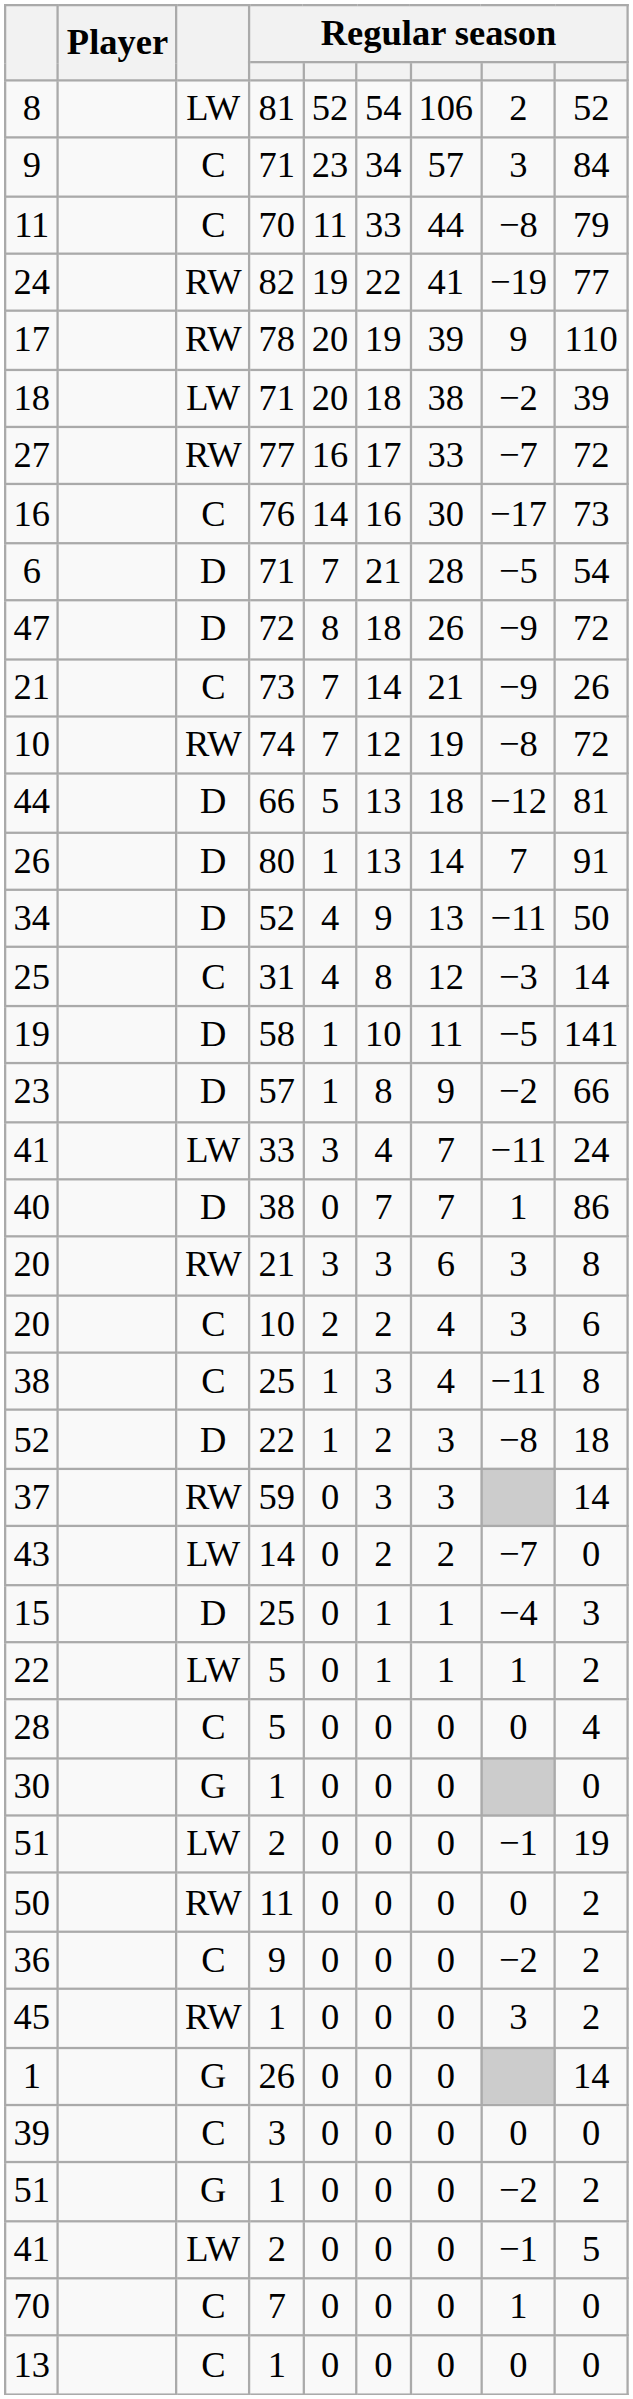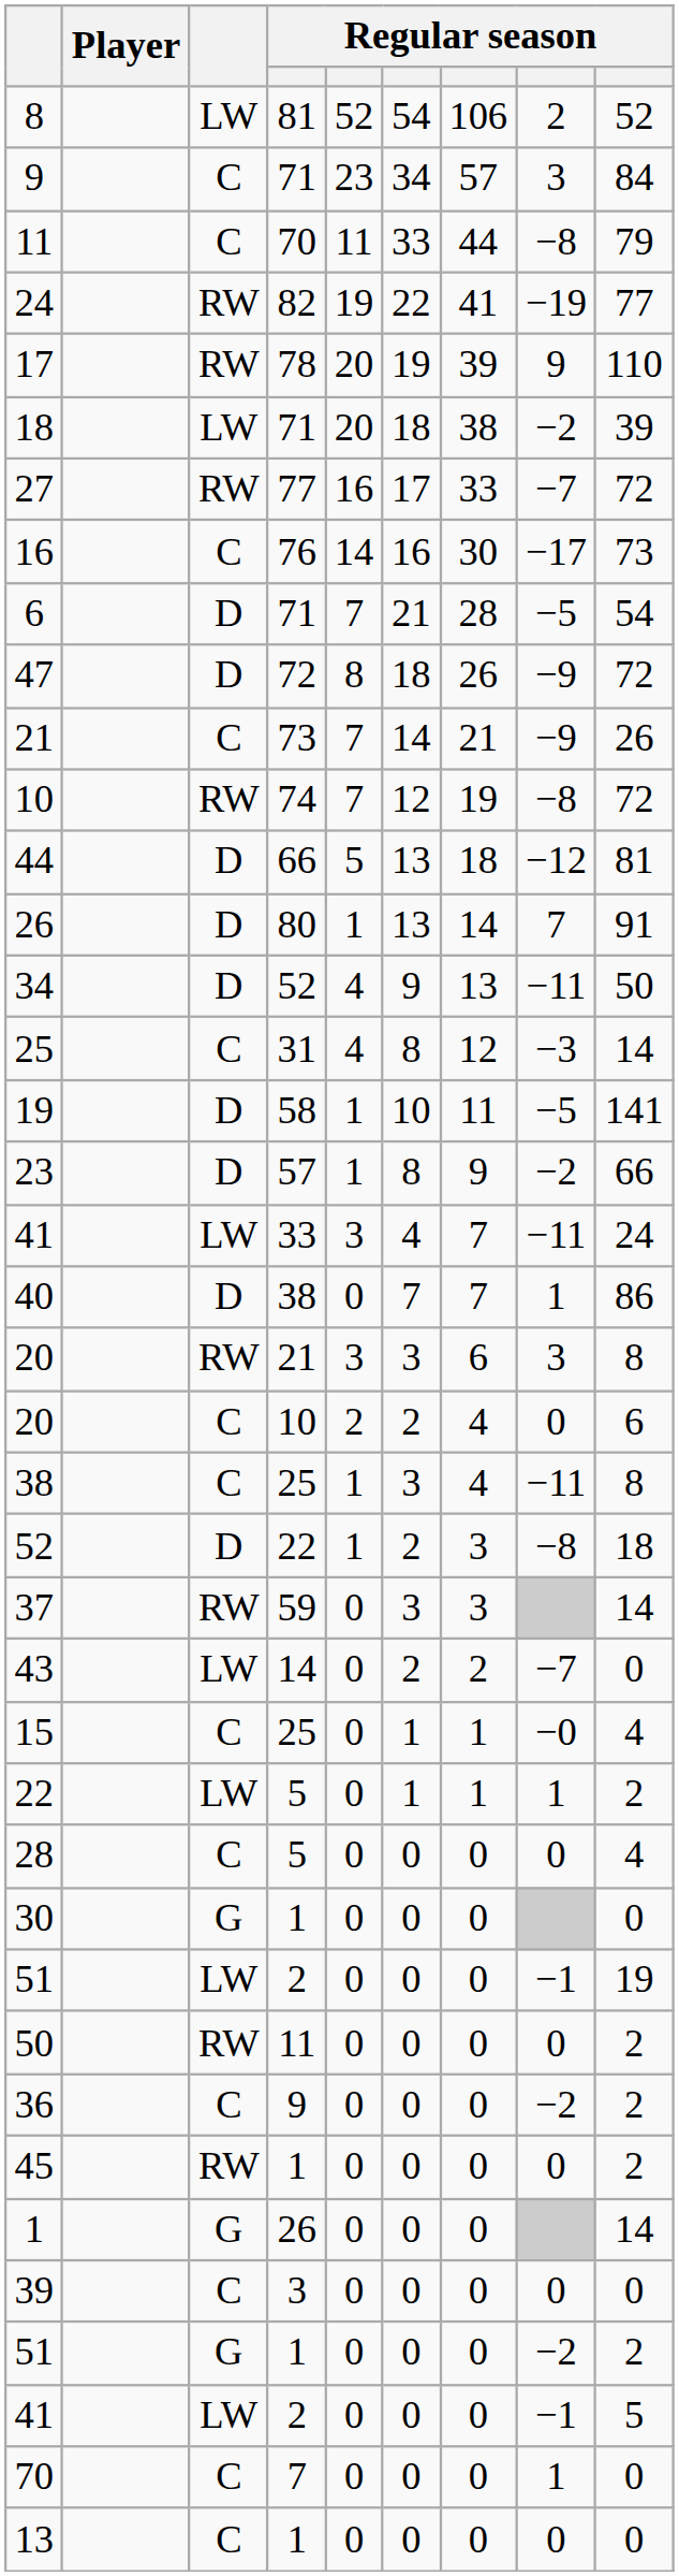 <table class="wikitable sortable plainrowheaders" style="text-align:center;">
 <tr>
 <th scope="col" data-sort-type="number" rowspan="2"></th>
 <th scope="col" rowspan="2">Player</th>
 <th scope="col" rowspan="2"></th>
 <th scope=colgroup colspan=6>Regular season</th>
 </tr>
 <tr>
 <th scope="col" data-sort-type="number"></th>
 <th scope="col" data-sort-type="number"></th>
 <th scope="col" data-sort-type="number"></th>
 <th scope="col" data-sort-type="number"></th>
 <th scope="col" data-sort-type="number"></th>
 <th scope="col" data-sort-type="number"></th>
 </tr>
 <tr>
 <td scope="row">8</td>
 <td align="left"></td>
 <td>LW</td>
 <td>81</td>
 <td>52</td>
 <td>54</td>
 <td>106</td>
 <td>2</td>
 <td>52</td>
 </tr>
 <tr>
 <td scope="row">9</td>
 <td align="left"></td>
 <td>C</td>
 <td>71</td>
 <td>23</td>
 <td>34</td>
 <td>57</td>
 <td>3</td>
 <td>84</td>
 </tr>
 <tr>
 <td scope="row">11</td>
 <td align="left"></td>
 <td>C</td>
 <td>70</td>
 <td>11</td>
 <td>33</td>
 <td>44</td>
 <td>−8</td>
 <td>79</td>
 </tr>
 <tr>
 <td scope="row">24</td>
 <td align="left"></td>
 <td>RW</td>
 <td>82</td>
 <td>19</td>
 <td>22</td>
 <td>41</td>
 <td>−19</td>
 <td>77</td>
 </tr>
 <tr>
 <td scope="row">17</td>
 <td align="left"></td>
 <td>RW</td>
 <td>78</td>
 <td>20</td>
 <td>19</td>
 <td>39</td>
 <td>9</td>
 <td>110</td>
 </tr>
 <tr>
 <td scope="row">18</td>
 <td align="left"></td>
 <td>LW</td>
 <td>71</td>
 <td>20</td>
 <td>18</td>
 <td>38</td>
 <td>−2</td>
 <td>39</td>
 </tr>
 <tr>
 <td scope="row">27</td>
 <td align="left"></td>
 <td>RW</td>
 <td>77</td>
 <td>16</td>
 <td>17</td>
 <td>33</td>
 <td>−7</td>
 <td>72</td>
 </tr>
 <tr>
 <td scope="row">16</td>
 <td align="left"></td>
 <td>C</td>
 <td>76</td>
 <td>14</td>
 <td>16</td>
 <td>30</td>
 <td>−17</td>
 <td>73</td>
 </tr>
 <tr>
 <td scope="row">6</td>
 <td align="left"></td>
 <td>D</td>
 <td>71</td>
 <td>7</td>
 <td>21</td>
 <td>28</td>
 <td>−5</td>
 <td>54</td>
 </tr>
 <tr>
 <td scope="row">47</td>
 <td align="left"></td>
 <td>D</td>
 <td>72</td>
 <td>8</td>
 <td>18</td>
 <td>26</td>
 <td>−9</td>
 <td>72</td>
 </tr>
 <tr>
 <td scope="row">21</td>
 <td align="left"></td>
 <td>C</td>
 <td>73</td>
 <td>7</td>
 <td>14</td>
 <td>21</td>
 <td>−9</td>
 <td>26</td>
 </tr>
 <tr>
 <td scope="row">10</td>
 <td align="left"></td>
 <td>RW</td>
 <td>74</td>
 <td>7</td>
 <td>12</td>
 <td>19</td>
 <td>−8</td>
 <td>72</td>
 </tr>
 <tr>
 <td scope="row">44</td>
 <td align="left"></td>
 <td>D</td>
 <td>66</td>
 <td>5</td>
 <td>13</td>
 <td>18</td>
 <td>−12</td>
 <td>81</td>
 </tr>
 <tr>
 <td scope="row">26</td>
 <td align="left"></td>
 <td>D</td>
 <td>80</td>
 <td>1</td>
 <td>13</td>
 <td>14</td>
 <td>7</td>
 <td>91</td>
 </tr>
 <tr>
 <td scope="row">34</td>
 <td align="left"></td>
 <td>D</td>
 <td>52</td>
 <td>4</td>
 <td>9</td>
 <td>13</td>
 <td>−11</td>
 <td>50</td>
 </tr>
 <tr>
 <td scope="row">25</td>
 <td align="left"></td>
 <td>C</td>
 <td>31</td>
 <td>4</td>
 <td>8</td>
 <td>12</td>
 <td>−3</td>
 <td>14</td>
 </tr>
 <tr>
 <td scope="row">19</td>
 <td align="left"></td>
 <td>D</td>
 <td>58</td>
 <td>1</td>
 <td>10</td>
 <td>11</td>
 <td>−5</td>
 <td>141</td>
 </tr>
 <tr>
 <td scope="row">23</td>
 <td align="left"></td>
 <td>D</td>
 <td>57</td>
 <td>1</td>
 <td>8</td>
 <td>9</td>
 <td>−2</td>
 <td>66</td>
 </tr>
 <tr>
 <td scope="row">41</td>
 <td align="left"></td>
 <td>LW</td>
 <td>33</td>
 <td>3</td>
 <td>4</td>
 <td>7</td>
 <td>−11</td>
 <td>24</td>
 </tr>
 <tr>
 <td scope="row">40</td>
 <td align="left"></td>
 <td>D</td>
 <td>38</td>
 <td>0</td>
 <td>7</td>
 <td>7</td>
 <td>1</td>
 <td>86</td>
 </tr>
 <tr>
 <td scope="row">20</td>
 <td align="left"></td>
 <td>RW</td>
 <td>21</td>
 <td>3</td>
 <td>3</td>
 <td>6</td>
 <td>3</td>
 <td>8</td>
 </tr>
 <tr>
 <td scope="row">20</td>
 <td align="left"></td>
 <td>C</td>
 <td>10</td>
 <td>2</td>
 <td>2</td>
 <td>4</td>
-<td>3</td>
+<td>0</td>
 <td>6</td>
 </tr>
 <tr>
 <td scope="row">38</td>
 <td align="left"></td>
 <td>C</td>
 <td>25</td>
 <td>1</td>
 <td>3</td>
 <td>4</td>
 <td>−11</td>
 <td>8</td>
 </tr>
 <tr>
 <td scope="row">52</td>
 <td align="left"></td>
 <td>D</td>
 <td>22</td>
 <td>1</td>
 <td>2</td>
 <td>3</td>
 <td>−8</td>
 <td>18</td>
 </tr>
 <tr>
 <td scope="row">37</td>
 <td align="left"></td>
 <td>RW</td>
 <td>59</td>
 <td>0</td>
 <td>3</td>
 <td>3</td>
 <td style="background:#ccc"></td>
 <td>14</td>
 </tr>
 <tr>
 <td scope="row">43</td>
 <td align="left"></td>
 <td>LW</td>
 <td>14</td>
 <td>0</td>
 <td>2</td>
 <td>2</td>
 <td>−7</td>
 <td>0</td>
 </tr>
 <tr>
 <td scope="row">15</td>
 <td align="left"></td>
-<td>D</td>
+<td>C</td>
 <td>25</td>
 <td>0</td>
 <td>1</td>
 <td>1</td>
-<td>−4</td>
-<td>3</td>
+<td>−0</td>
+<td>4</td>
 </tr>
 <tr>
 <td scope="row">22</td>
 <td align="left"></td>
 <td>LW</td>
 <td>5</td>
 <td>0</td>
 <td>1</td>
 <td>1</td>
 <td>1</td>
 <td>2</td>
 </tr>
 <tr>
 <td scope="row">28</td>
 <td align="left"></td>
 <td>C</td>
 <td>5</td>
 <td>0</td>
 <td>0</td>
 <td>0</td>
 <td>0</td>
 <td>4</td>
 </tr>
 <tr>
 <td scope="row">30</td>
 <td align="left"></td>
 <td>G</td>
 <td>1</td>
 <td>0</td>
 <td>0</td>
 <td>0</td>
 <td style="background:#ccc"></td>
 <td>0</td>
 </tr>
 <tr>
 <td scope="row">51</td>
 <td align="left"></td>
 <td>LW</td>
 <td>2</td>
 <td>0</td>
 <td>0</td>
 <td>0</td>
 <td>−1</td>
 <td>19</td>
 </tr>
 <tr>
 <td scope="row">50</td>
 <td align="left"></td>
 <td>RW</td>
 <td>11</td>
 <td>0</td>
 <td>0</td>
 <td>0</td>
 <td>0</td>
 <td>2</td>
 </tr>
 <tr>
 <td scope="row">36</td>
 <td align="left"></td>
 <td>C</td>
 <td>9</td>
 <td>0</td>
 <td>0</td>
 <td>0</td>
 <td>−2</td>
 <td>2</td>
 </tr>
 <tr>
 <td scope="row">45</td>
 <td align="left"></td>
 <td>RW</td>
 <td>1</td>
 <td>0</td>
 <td>0</td>
 <td>0</td>
-<td>3</td>
+<td>0</td>
 <td>2</td>
 </tr>
 <tr>
 <td scope="row">1</td>
 <td align="left"></td>
 <td>G</td>
 <td>26</td>
 <td>0</td>
 <td>0</td>
 <td>0</td>
 <td style="background:#ccc"></td>
 <td>14</td>
 </tr>
 <tr>
 <td scope="row">39</td>
 <td align="left"></td>
 <td>C</td>
 <td>3</td>
 <td>0</td>
 <td>0</td>
 <td>0</td>
 <td>0</td>
 <td>0</td>
 </tr>
 <tr>
 <td scope="row">51</td>
 <td align="left"></td>
 <td>G</td>
 <td>1</td>
 <td>0</td>
 <td>0</td>
 <td>0</td>
 <td>−2</td>
 <td>2</td>
 </tr>
 <tr>
 <td scope="row">41</td>
 <td align="left"></td>
 <td>LW</td>
 <td>2</td>
 <td>0</td>
 <td>0</td>
 <td>0</td>
 <td>−1</td>
 <td>5</td>
 </tr>
 <tr>
 <td scope="row">70</td>
 <td align="left"></td>
 <td>C</td>
 <td>7</td>
 <td>0</td>
 <td>0</td>
 <td>0</td>
 <td>1</td>
 <td>0</td>
 </tr>
 <tr>
 <td scope="row">13</td>
 <td align="left"></td>
 <td>C</td>
 <td>1</td>
 <td>0</td>
 <td>0</td>
 <td>0</td>
 <td>0</td>
 <td>0</td>
 </tr>
 </table>
